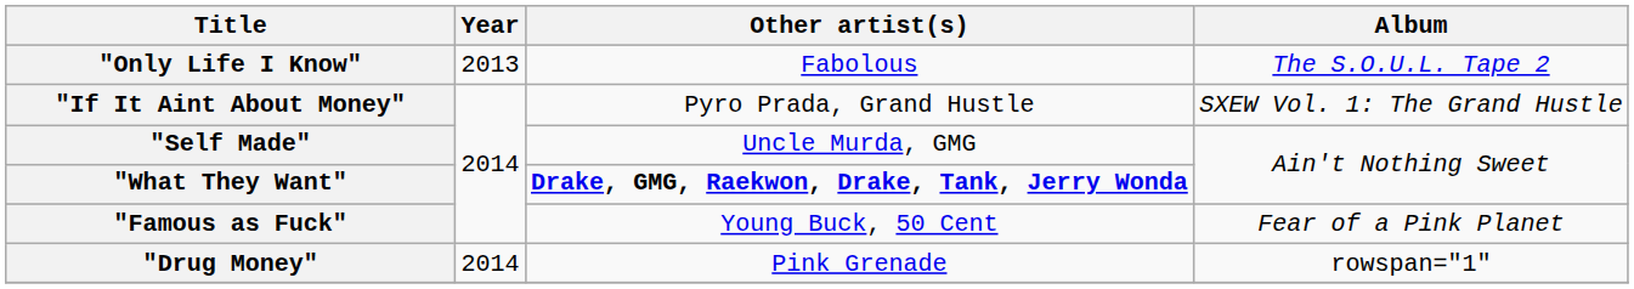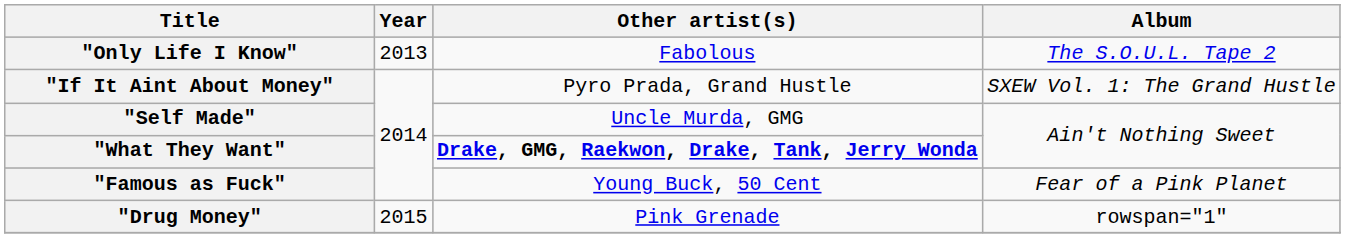 <table class="wikitable plainrowheaders" style="text-align:center;">
 <tr>
 <th scope="col" style="width:18em;">Title</th>
 <th scope="col">Year</th>
 <th scope="col">Other artist(s)</th>
 <th scope="col">Album</th>
 </tr>
 <tr>
 <th scope="row">"Only Life I Know"</th>
 <td rowspan="1">2013</td>
 <td><a href='#'>Fabolous</a></td>
 <td rowspan="1"><em><a href='#'>The S.O.U.L. Tape 2</a></em></td>
 </tr>
 <tr>
 <th scope="row">"If It Aint About Money"</th>
 <td rowspan="4">2014</td>
 <td>Pyro Prada, Grand Hustle</td>
 <td rowspan="1"><em>SXEW Vol. 1: The Grand Hustle</em></td>
 </tr>
 <tr>
 <th scope="row">"Self Made"</th>
 <td><a href='#'>Uncle Murda</a>, GMG</td>
 <td rowspan="2"><em>Ain't Nothing Sweet</em></td>
 </tr>
 <tr>
 <th scope="row">"What They Want"</th>
 <td><strong><a href='#'>Drake</a>, GMG, <a href='#'>Raekwon</a>, <a href='#'>Drake</a>, <a href='#'>Tank</a>, <a href='#'>Jerry Wonda</a></strong></td>
 </tr>
 <tr>
 <th scope="row">"Famous as Fuck"</th>
 <td><a href='#'>Young Buck</a>, <a href='#'>50 Cent</a></td>
 <td><em>Fear of a Pink Planet</em></td>
 </tr>
 <tr>
 <th scope="row">"Drug Money"</th>
-<td rowspan="1">2014</td>
+<td rowspan="1">2015</td>
 <td><a href='#'>Pink Grenade</a></td>
 <td>rowspan="1" </td>
 </tr>
 <tr>
 </tr>
 </table>
